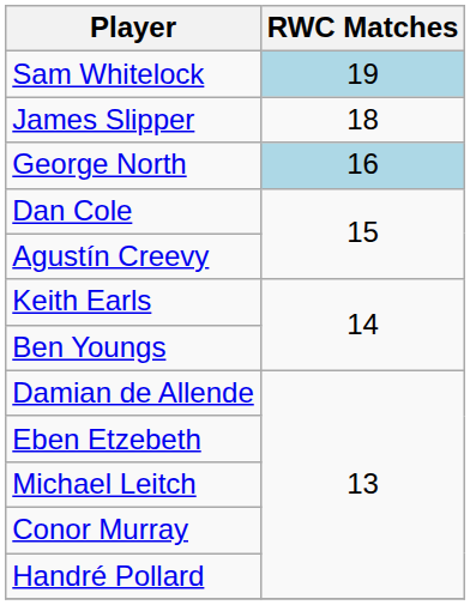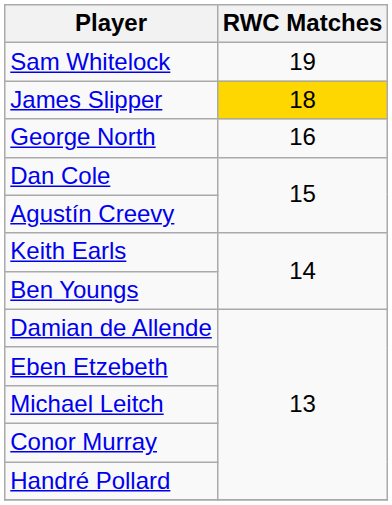 <table class="wikitable sortable" style="text-align:center">
 <tr>
 <th>Player</th>
 <th>RWC Matches</th>
 </tr>
 <tr>
 <td align="left"> <a href='#'>Sam Whitelock</a></td>
-<td style="background: lightblue;">19</td>
+<td>19</td>
 </tr>
 <tr>
 <td align="left"> <a href='#'>James Slipper</a></td>
-<td>18</td>
+<td style="background: gold;">18</td>
 </tr>
 <tr>
 <td align="left"> <a href='#'>George North</a></td>
-<td style="background: lightblue;">16</td>
+<td>16</td>
 </tr>
 <tr>
 <td align="left"> <a href='#'>Dan Cole</a></td>
 <td rowspan=2>15</td>
 </tr>
 <tr>
 <td align="left"> <a href='#'>Agustín Creevy</a></td>
 </tr>
 <tr>
 <td align="left"> <a href='#'>Keith Earls</a></td>
 <td rowspan=2>14</td>
 </tr>
 <tr>
 <td align="left"> <a href='#'>Ben Youngs</a></td>
 </tr>
 <tr>
 <td align="left"> <a href='#'>Damian de Allende</a></td>
 <td rowspan=5>13</td>
 </tr>
 <tr>
 <td align="left"> <a href='#'>Eben Etzebeth</a></td>
 </tr>
 <tr>
 <td align="left"> <a href='#'>Michael Leitch</a></td>
 </tr>
 <tr>
 <td align="left"> <a href='#'>Conor Murray</a></td>
 </tr>
 <tr>
 <td align="left"> <a href='#'>Handré Pollard</a></td>
 </tr>
 <tr>
 </tr>
 </table>
